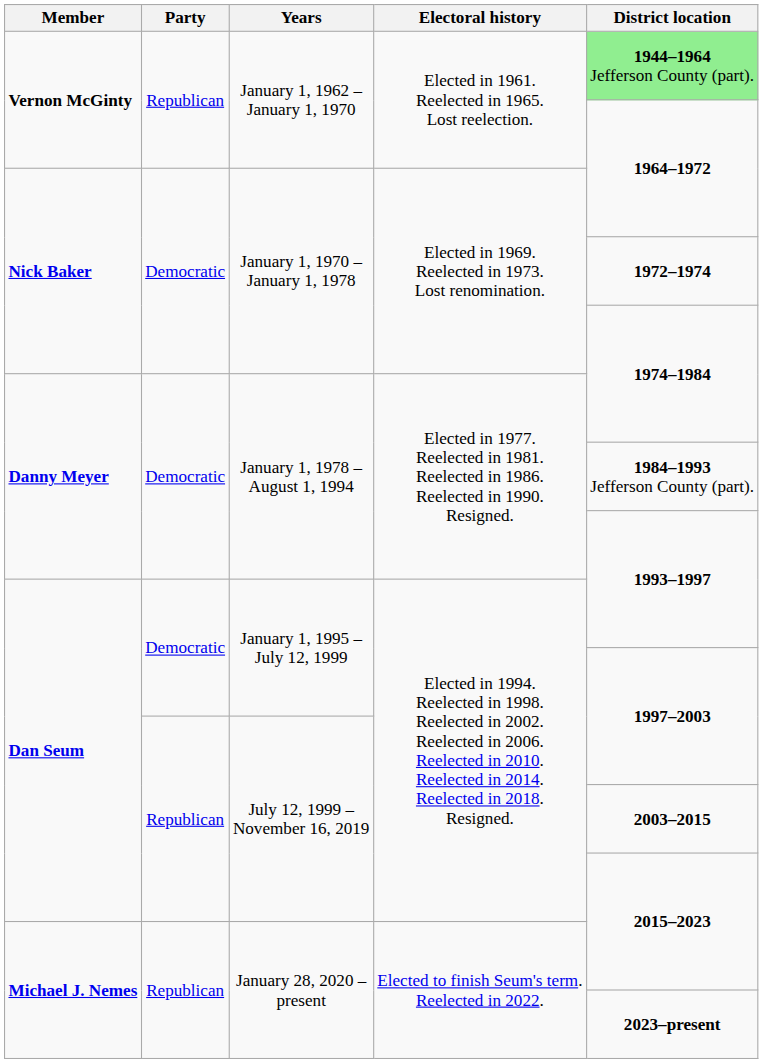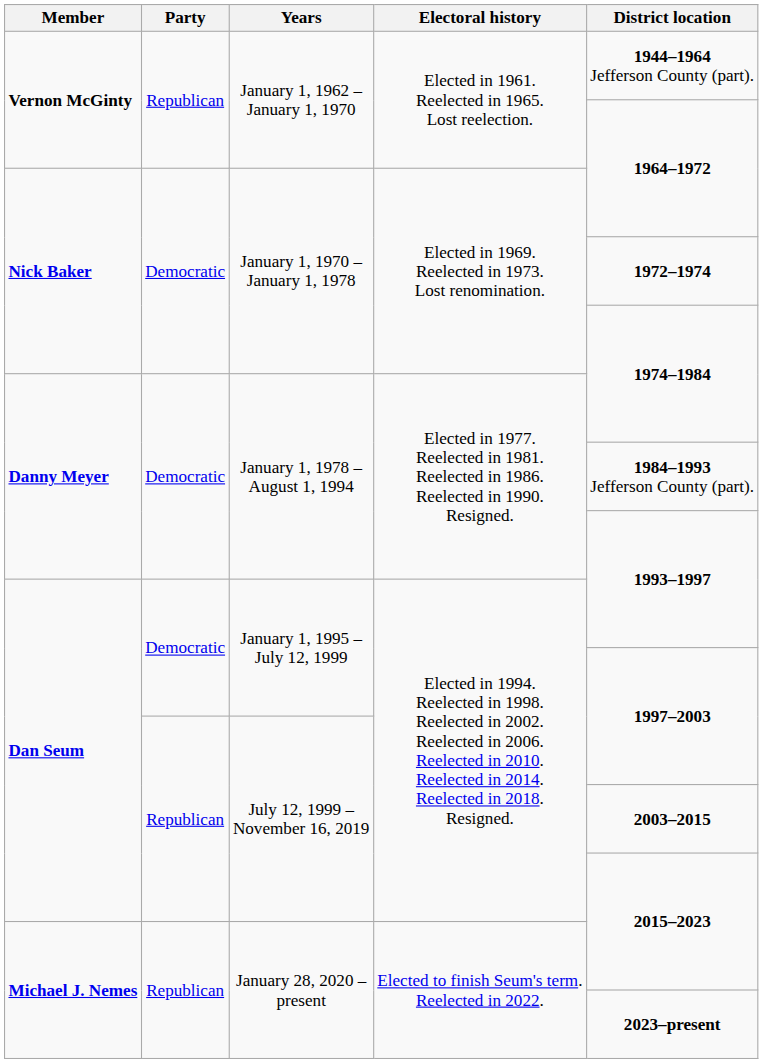 <table class=wikitable style="text-align:center">
 <tr>
 <th>Member</th>
 <th>Party</th>
 <th>Years</th>
 <th>Electoral history</th>
 <th>District location</th>
 </tr>
 <tr style="height:4em">
 <td rowspan=2 align=left><strong>Vernon McGinty</strong><br></td>
 <td rowspan=2 ><a href='#'>Republican</a></td>
 <td rowspan=2 nowrap>January 1, 1962 –<br>January 1, 1970</td>
 <td rowspan=2>Elected in 1961.<br>Reelected in 1965.<br>Lost reelection.</td>
-<td style="background: lightgreen;"><strong>1944–1964</strong><br>Jefferson County (part).</td>
+<td><strong>1944–1964</strong><br>Jefferson County (part).</td>
 </tr>
 <tr style="height:4em">
 <td rowspan=2><strong>1964–1972</strong><br></td>
 </tr>
 <tr style="height:4em">
 <td rowspan=3 align=left><strong><a href='#'>Nick Baker</a></strong><br></td>
 <td rowspan=3 ><a href='#'>Democratic</a></td>
 <td rowspan=3 nowrap>January 1, 1970 –<br>January 1, 1978</td>
 <td rowspan=3>Elected in 1969.<br>Reelected in 1973.<br>Lost renomination.</td>
 </tr>
 <tr style="height:4em">
 <td><strong>1972–1974</strong><br></td>
 </tr>
 <tr style="height:4em">
 <td rowspan=2><strong>1974–1984</strong><br></td>
 </tr>
 <tr style="height:4em">
 <td rowspan=3 align=left><strong><a href='#'>Danny Meyer</a></strong><br></td>
 <td rowspan=3 ><a href='#'>Democratic</a></td>
 <td rowspan=3 nowrap>January 1, 1978 –<br>August 1, 1994</td>
 <td rowspan=3>Elected in 1977.<br>Reelected in 1981.<br>Reelected in 1986.<br>Reelected in 1990.<br>Resigned.</td>
 </tr>
 <tr style="height:4em">
 <td><strong>1984–1993</strong><br>Jefferson County (part).</td>
 </tr>
 <tr style="height:4em">
 <td rowspan=2><strong>1993–1997</strong><br></td>
 </tr>
 <tr style="height:4em">
 <td rowspan=5 align=left><strong><a href='#'>Dan Seum</a></strong><br></td>
 <td rowspan=2 ><a href='#'>Democratic</a></td>
 <td rowspan=2 nowrap>January 1, 1995 –<br>July 12, 1999</td>
 <td rowspan=5>Elected in 1994.<br>Reelected in 1998.<br>Reelected in 2002.<br>Reelected in 2006.<br><a href='#'>Reelected in 2010</a>.<br><a href='#'>Reelected in 2014</a>.<br><a href='#'>Reelected in 2018</a>.<br>Resigned.</td>
 </tr>
 <tr style="height:4em">
 <td rowspan=2><strong>1997–2003</strong><br></td>
 </tr>
 <tr style="height:4em">
 <td rowspan=3 ><a href='#'>Republican</a></td>
 <td rowspan=3 nowrap>July 12, 1999 –<br>November 16, 2019</td>
 </tr>
 <tr style="height:4em">
 <td><strong>2003–2015</strong><br></td>
 </tr>
 <tr style="height:4em">
 <td rowspan=2><strong>2015–2023</strong><br></td>
 </tr>
 <tr style="height:4em">
 <td rowspan=2 align=left><strong><a href='#'>Michael J. Nemes</a></strong><br></td>
 <td rowspan=2 ><a href='#'>Republican</a></td>
 <td rowspan=2 nowrap>January 28, 2020 –<br>present</td>
 <td rowspan=2><a href='#'>Elected to finish Seum's term</a>.<br><a href='#'>Reelected in 2022</a>.</td>
 </tr>
 <tr style="height:4em">
 <td><strong>2023–present</strong><br></td>
 </tr>
 </table>
